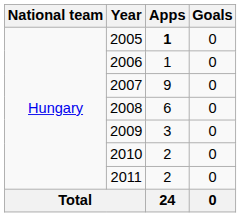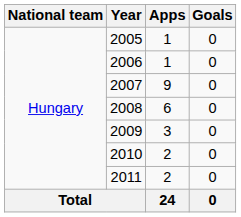 <table class=wikitable style="text-align: center">
 <tr>
 <th>National team</th>
 <th>Year</th>
 <th>Apps</th>
 <th>Goals</th>
 </tr>
 <tr>
 <td rowspan=7><a href='#'>Hungary</a></td>
 <td>2005</td>
-<td><strong>1</strong></td>
+<td>1</td>
 <td>0</td>
 </tr>
 <tr>
 <td>2006</td>
 <td>1</td>
 <td>0</td>
 </tr>
 <tr>
 <td>2007</td>
 <td>9</td>
 <td>0</td>
 </tr>
 <tr>
 <td>2008</td>
 <td>6</td>
 <td>0</td>
 </tr>
 <tr>
 <td>2009</td>
 <td>3</td>
 <td>0</td>
 </tr>
 <tr>
 <td>2010</td>
 <td>2</td>
 <td>0</td>
 </tr>
 <tr>
 <td>2011</td>
 <td>2</td>
 <td>0</td>
 </tr>
 <tr>
 <th colspan=2>Total</th>
 <th>24</th>
 <th>0</th>
 </tr>
 </table>
